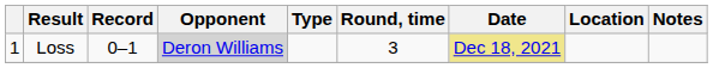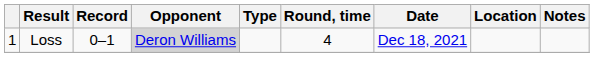 <table class="wikitable" style="text-align:center">
 <tr>
 <th></th>
 <th>Result</th>
 <th>Record</th>
 <th>Opponent</th>
 <th>Type</th>
 <th>Round, time</th>
 <th>Date</th>
 <th>Location</th>
 <th>Notes</th>
 </tr>
 <tr>
 <td>1</td>
 <td>Loss</td>
 <td>0–1</td>
 <td style="background: lightgrey; text-align:left;"><a href='#'>Deron Williams</a></td>
 <td></td>
-<td>3</td>
-<td style="background: khaki;"><a href='#'>Dec 18, 2021</a></td>
+<td>4</td>
+<td><a href='#'>Dec 18, 2021</a></td>
 <td align=left></td>
 <td></td>
 </tr>
 <tr>
 </tr>
 </table>
